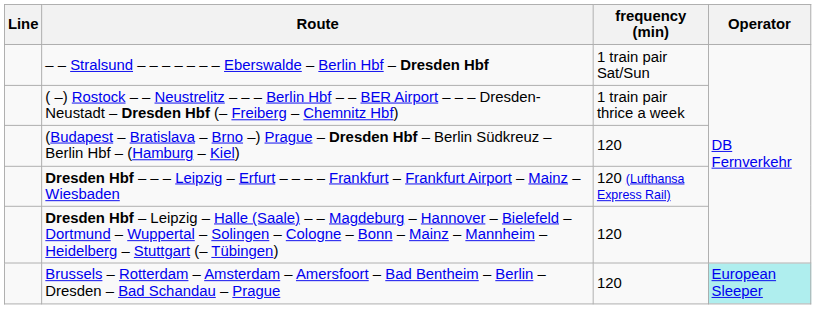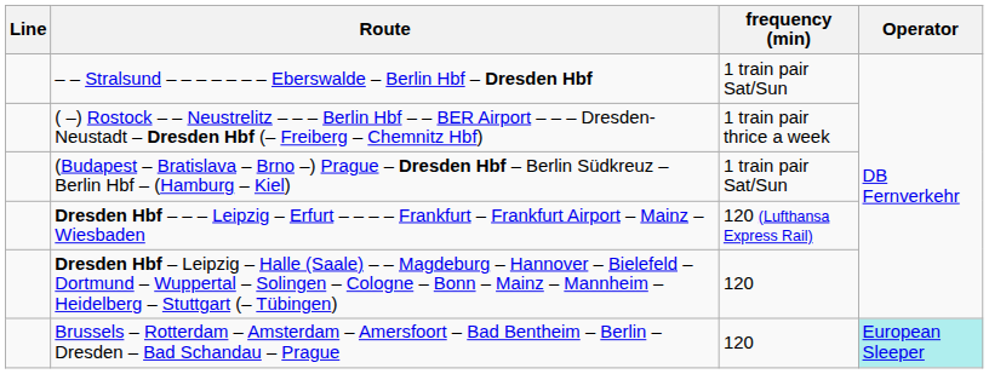 <table class="wikitable">
 <tr>
 <th>Line</th>
 <th>Route</th>
 <th>frequency (min)</th>
 <th>Operator</th>
 </tr>
 <tr>
 <td style="text-align:center"></td>
 <td> –  – <a href='#'>Stralsund</a> –  –  –  –  –  –  – <a href='#'>Eberswalde</a> –  <a href='#'>Berlin Hbf</a> – <strong>Dresden Hbf</strong></td>
 <td>1 train pair Sat/Sun</td>
 <td rowspan="5"><a href='#'>DB Fernverkehr</a></td>
 </tr>
 <tr>
 <td style="text-align:center"></td>
 <td>( –) <a href='#'>Rostock</a> –  – <a href='#'>Neustrelitz</a> –  –  – <a href='#'>Berlin Hbf</a> –  – <a href='#'>BER Airport</a> –  –  – Dresden-Neustadt – <strong>Dresden Hbf</strong> (– <a href='#'>Freiberg</a> – <a href='#'>Chemnitz Hbf</a>)</td>
 <td>1 train pair thrice a week</td>
 </tr>
 <tr>
 <td style="text-align:center"></td>
 <td>(<a href='#'>Budapest</a> – <a href='#'>Bratislava</a> – <a href='#'>Brno</a> –) <a href='#'>Prague</a> – <strong>Dresden Hbf</strong> –  Berlin Südkreuz – Berlin Hbf – (<a href='#'>Hamburg</a> – <a href='#'>Kiel</a>)</td>
-<td>120</td>
+<td>1 train pair Sat/Sun</td>
 </tr>
 <tr>
 <td style="text-align:center"></td>
 <td><strong>Dresden Hbf</strong> –  –  – <a href='#'>Leipzig</a> – <a href='#'>Erfurt</a> –  –  –  – <a href='#'>Frankfurt</a> – <a href='#'>Frankfurt Airport</a> – <a href='#'>Mainz</a> – <a href='#'>Wiesbaden</a></td>
 <td>120 <small><a href='#'>(Lufthansa Express Rail)</a></small></td>
 </tr>
 <tr>
 <td style="text-align:center"></td>
 <td><strong>Dresden Hbf</strong> – Leipzig – <a href='#'>Halle (Saale)</a> –  – <a href='#'>Magdeburg</a> – <a href='#'>Hannover</a> – <a href='#'>Bielefeld</a> – <a href='#'>Dortmund</a> – <a href='#'>Wuppertal</a> – <a href='#'>Solingen</a> – <a href='#'>Cologne</a> – <a href='#'>Bonn</a> – <a href='#'>Mainz</a> – <a href='#'>Mannheim</a> – <a href='#'>Heidelberg</a> – <a href='#'>Stuttgart</a> (– <a href='#'>Tübingen</a>)</td>
 <td>120</td>
 </tr>
 <tr>
 <td style="text-align:center"></td>
 <td><a href='#'>Brussels</a> – <a href='#'>Rotterdam</a> – <a href='#'>Amsterdam</a> – <a href='#'>Amersfoort</a> – <a href='#'>Bad Bentheim</a> – <a href='#'>Berlin</a> – Dresden – <a href='#'>Bad Schandau</a> – <a href='#'>Prague</a></td>
 <td>120</td>
 <td style="background: paleturquoise;"><a href='#'>European Sleeper</a></td>
 </tr>
 </table>
